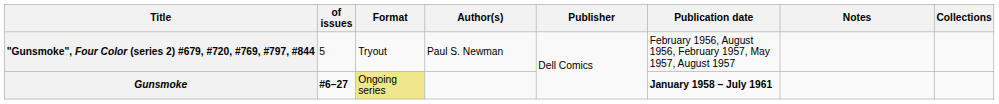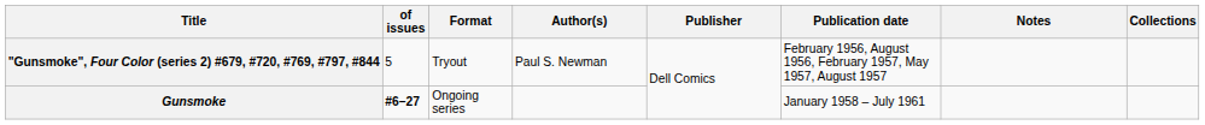 <table class="wikitable">
 <tr>
 <th>Title</th>
 <th style="width:40pt"> of issues</th>
 <th style="width:75pt">Format</th>
 <th style="width:125pt">Author(s)</th>
 <th style="width:125pt">Publisher</th>
 <th style="width:150pt">Publication date</th>
 <th style="width:175pt">Notes</th>
 <th>Collections</th>
 </tr>
 <tr>
 <th>"Gunsmoke", <em>Four Color</em> (series 2) #679, #720, #769, #797, #844</th>
 <td>5</td>
 <td>Tryout</td>
 <td>Paul S. Newman</td>
 <td rowspan="2">Dell Comics</td>
 <td>February 1956, August 1956, February 1957, May 1957, August 1957</td>
 <td></td>
 <td></td>
 </tr>
 <tr>
 <th><em>Gunsmoke</em></th>
 <td><strong>#6–27</strong></td>
-<td style="background: khaki;">Ongoing series</td>
+<td>Ongoing series</td>
 <td></td>
-<td><strong>January 1958 – July 1961</strong></td>
+<td>January 1958 – July 1961</td>
 <td></td>
 <td></td>
 </tr>
 </table>
